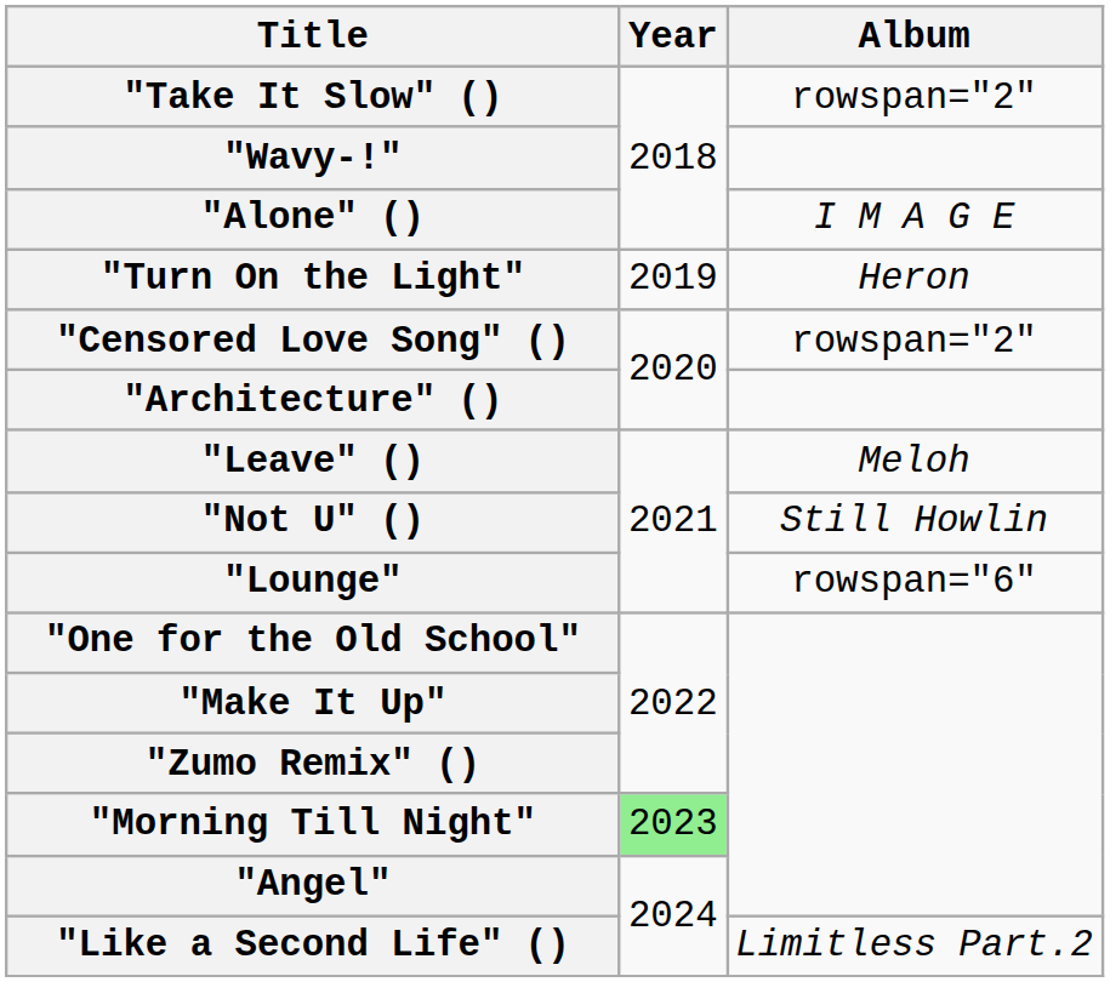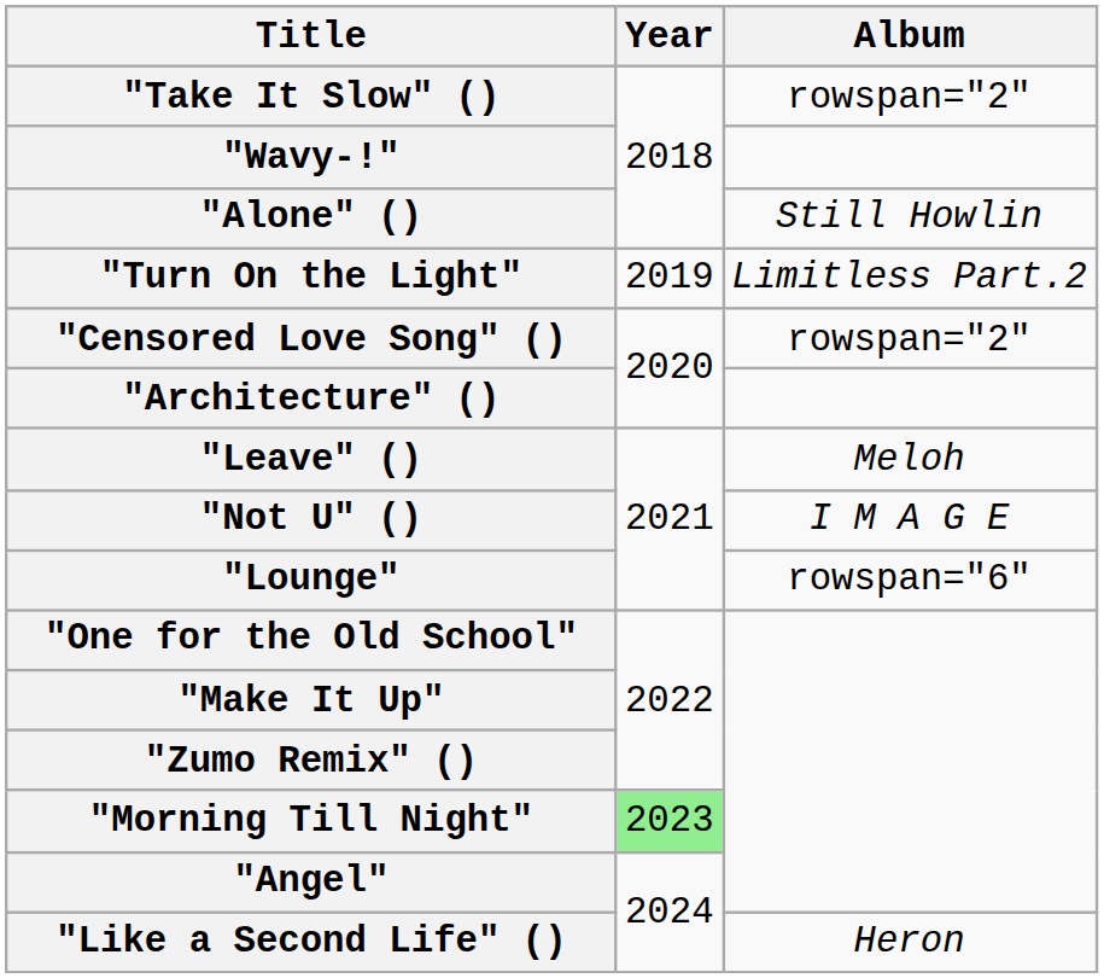 <table class="wikitable plainrowheaders" style="text-align:center;" border="1">
 <tr>
 <th scope="col" style="width:16em;">Title</th>
 <th scope="col">Year</th>
 <th scope="col">Album</th>
 </tr>
 <tr>
 <th scope="row">"Take It Slow" ()<br></th>
 <td rowspan="3">2018</td>
 <td>rowspan="2" </td>
 </tr>
 <tr>
 <th scope="row">"Wavy-!"<br></th>
 </tr>
 <tr>
 <th scope="row">"Alone" ()<br></th>
-<td><em>I M A G E</em></td>
+<td><em>Still Howlin</em></td>
 </tr>
 <tr>
 <th scope="row">"Turn On the Light"<br></th>
 <td>2019</td>
-<td><em>Heron</em></td>
+<td><em>Limitless Part.2</em></td>
 </tr>
 <tr>
 <th scope="row">"Censored Love Song" ()<br></th>
 <td rowspan="2">2020</td>
 <td>rowspan="2" </td>
 </tr>
 <tr>
 <th scope="row">"Architecture" ()<br></th>
 </tr>
 <tr>
 <th scope="row">"Leave" ()<br></th>
 <td rowspan="3">2021</td>
 <td><em>Meloh</em></td>
 </tr>
 <tr>
 <th scope="row">"Not U" ()<br></th>
-<td><em>Still Howlin</em></td>
+<td><em>I M A G E</em></td>
 </tr>
 <tr>
 <th scope="row">"Lounge"<br></th>
 <td>rowspan="6" </td>
 </tr>
 <tr>
 <th scope="row">"One for the Old School"<br></th>
 <td rowspan="3">2022</td>
 </tr>
 <tr>
 <th scope="row">"Make It Up"<br></th>
 </tr>
 <tr>
 <th scope="row">"Zumo Remix" ()<br></th>
 </tr>
 <tr>
 <th scope="row">"Morning Till Night"<br></th>
 <td style="background: lightgreen;">2023</td>
 </tr>
 <tr>
 <th scope="row">"Angel"<br></th>
 <td rowspan="2">2024</td>
 </tr>
 <tr>
 <th scope="row">"Like a Second Life" ()<br></th>
-<td><em>Limitless Part.2</em></td>
+<td><em>Heron</em></td>
 </tr>
 </table>
